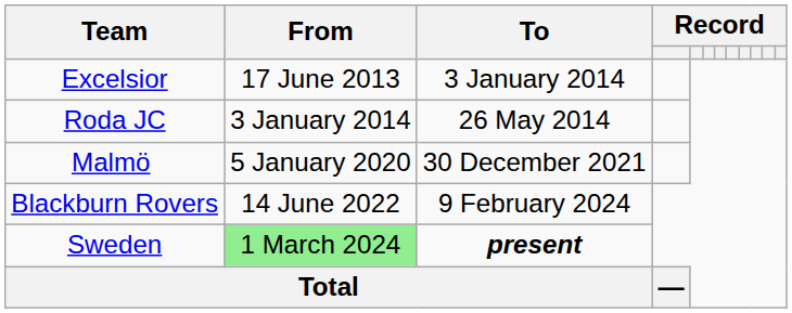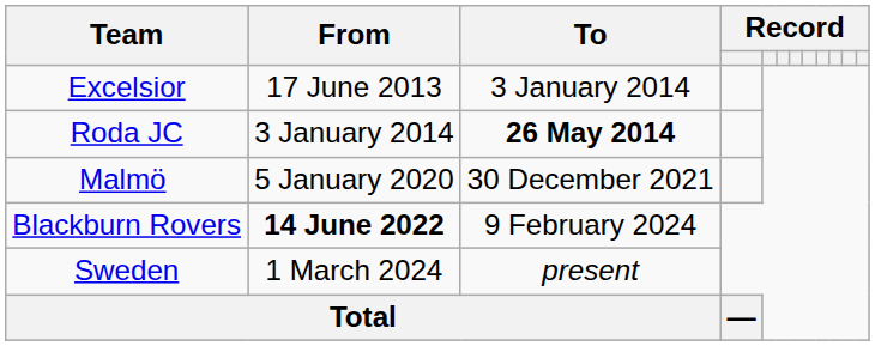 <table class="wikitable" style="text-align: center">
 <tr>
 <th rowspan="2">Team</th>
 <th rowspan="2">From</th>
 <th rowspan="2">To</th>
 <th colspan="9">Record</th>
 </tr>
 <tr>
 <th></th>
 <th></th>
 <th></th>
 <th></th>
 <th></th>
 <th></th>
 <th></th>
 <th></th>
 <th></th>
 </tr>
 <tr>
 <td><a href='#'>Excelsior</a></td>
 <td>17 June 2013</td>
 <td>3 January 2014<br></td>
 <td></td>
 </tr>
 <tr>
 <td><a href='#'>Roda JC</a></td>
 <td>3 January 2014</td>
-<td>26 May 2014<br></td>
+<td><strong>26 May 2014<br></strong></td>
 <td></td>
 </tr>
 <tr>
 <td><a href='#'>Malmö</a> </td>
 <td>5 January 2020</td>
 <td>30 December 2021<br></td>
 <td></td>
 </tr>
 <tr>
 <td><a href='#'>Blackburn Rovers</a></td>
-<td>14 June 2022</td>
+<td><strong>14 June 2022</strong></td>
 <td>9 February 2024<br></td>
 </tr>
 <tr>
 <td><a href='#'>Sweden</a></td>
-<td style="background: lightgreen;">1 March 2024</td>
-<td><strong><em>present</em><br></strong></td>
+<td>1 March 2024</td>
+<td><em>present</em><br></td>
 </tr>
 <tr>
 <th colspan="3">Total<br></th>
 <th>—</th>
 </tr>
 </table>
